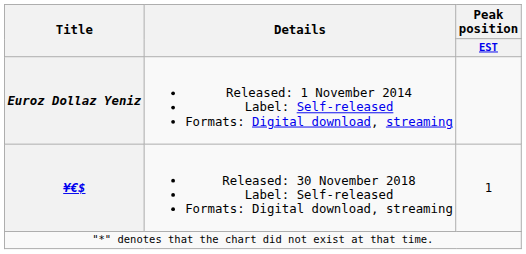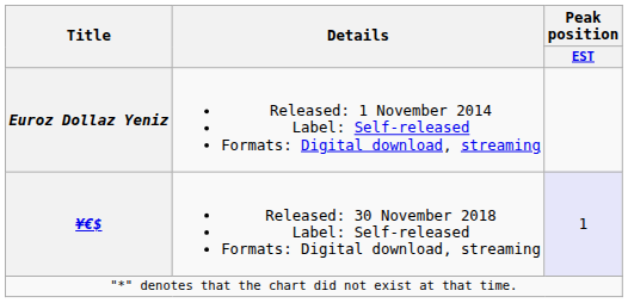 <table class="wikitable plainrowheaders" style="text-align:center;">
 <tr>
 <th scope="col" rowspan="2">Title</th>
 <th scope="col" rowspan="2">Details</th>
 <th scope="col" colspan="1">Peak position</th>
 </tr>
 <tr>
 <th scope="col" style="width:3em;font-size:85%;"><a href='#'>EST</a><br></th>
 </tr>
 <tr>
 <th scope="row"><em>Euroz Dollaz Yeniz</em></th>
 <td><br><ul><li>Released: 1 November 2014</li><li>Label: <a href='#'>Self-released</a></li><li>Formats: <a href='#'>Digital download</a>, <a href='#'>streaming</a></li></ul></td>
 <td></td>
 </tr>
 <tr>
 <th scope="row"><em><a href='#'>¥€$</a></em></th>
 <td><br><ul><li>Released: 30 November 2018</li><li>Label: Self-released</li><li>Formats: Digital download, streaming</li></ul></td>
-<td>1</td>
+<td style="background: lavender;">1</td>
 </tr>
 <tr>
 <td colspan="4" style="font-size:85%">"*" denotes that the chart did not exist at that time.</td>
 </tr>
 </table>
